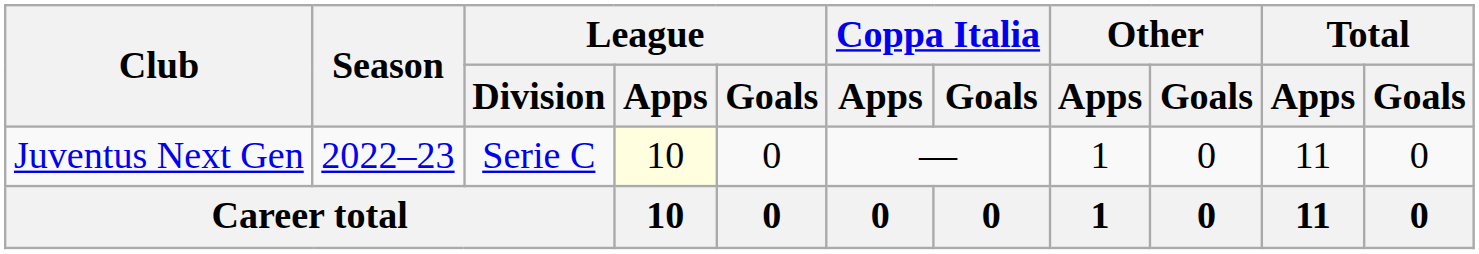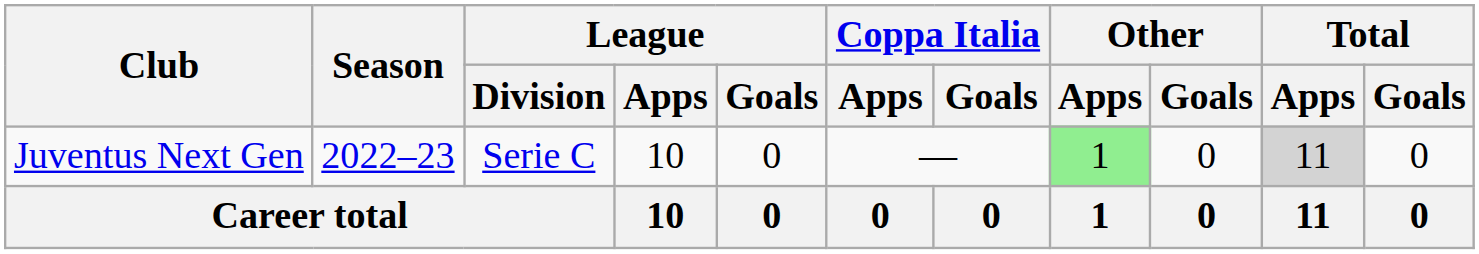 <table class="wikitable" style="text-align:center">
 <tr>
 <th rowspan="2">Club</th>
 <th rowspan="2">Season</th>
 <th colspan="3">League</th>
 <th colspan="2"><a href='#'>Coppa Italia</a></th>
 <th colspan="2">Other</th>
 <th colspan="2">Total</th>
 </tr>
 <tr>
 <th>Division</th>
 <th>Apps</th>
 <th>Goals</th>
 <th>Apps</th>
 <th>Goals</th>
 <th>Apps</th>
 <th>Goals</th>
 <th>Apps</th>
 <th>Goals</th>
 </tr>
 <tr>
 <td><a href='#'>Juventus Next Gen</a></td>
 <td><a href='#'>2022–23</a></td>
 <td><a href='#'>Serie C</a></td>
-<td style="background: lightyellow;">10</td>
+<td>10</td>
 <td>0</td>
 <td colspan="2">—</td>
-<td>1</td>
+<td style="background: lightgreen;">1</td>
 <td>0</td>
-<td>11</td>
+<td style="background: lightgrey;">11</td>
 <td>0</td>
 </tr>
 <tr>
 <th colspan="3">Career total</th>
 <th>10</th>
 <th>0</th>
 <th>0</th>
 <th>0</th>
 <th>1</th>
 <th>0</th>
 <th>11</th>
 <th>0</th>
 </tr>
 </table>
